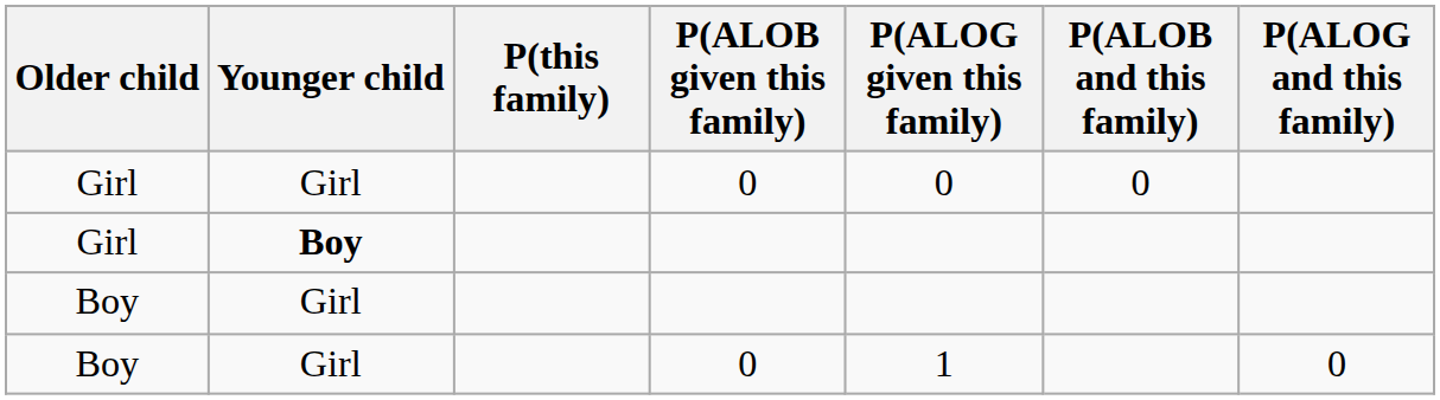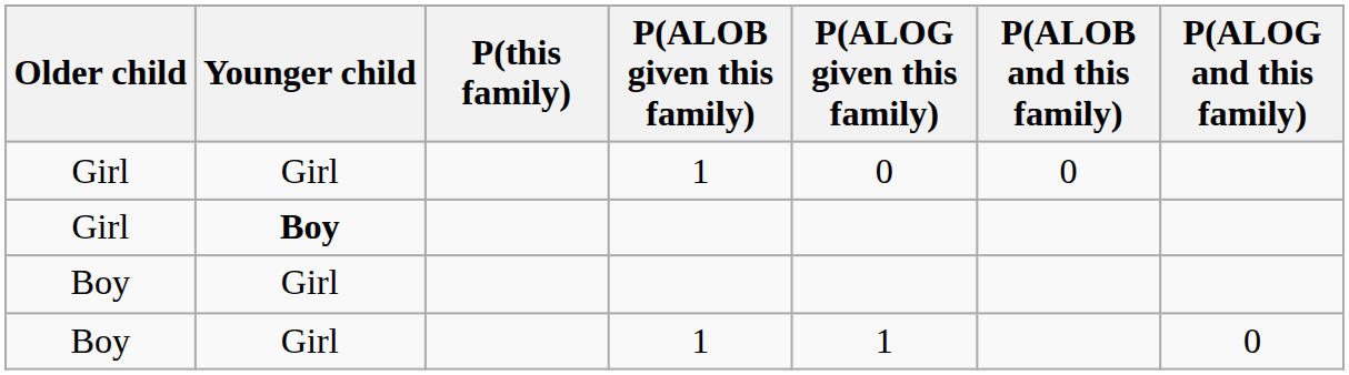 <table class="wikitable" style="text-align:center">
 <tr>
 <th>Older child</th>
 <th>Younger child</th>
 <th style="width: 75px;">P(this family)</th>
 <th style="width: 75px;">P(ALOB given this family)</th>
 <th style="width: 75px;">P(ALOG given this family)</th>
 <th style="width: 75px;">P(ALOB and this family)</th>
 <th style="width: 75px;">P(ALOG and this family)</th>
 </tr>
 <tr>
 <td>Girl</td>
 <td>Girl</td>
 <td></td>
-<td>0</td>
+<td>1</td>
 <td>0</td>
 <td>0</td>
 <td></td>
 </tr>
 <tr>
 <td>Girl</td>
 <td><strong>Boy</strong></td>
 <td></td>
 <td></td>
 <td></td>
 <td></td>
 <td></td>
 </tr>
 <tr>
 <td>Boy</td>
 <td>Girl</td>
 <td></td>
 <td></td>
 <td></td>
 <td></td>
 <td></td>
 </tr>
 <tr>
 <td>Boy</td>
 <td>Girl</td>
 <td></td>
-<td>0</td>
+<td>1</td>
 <td>1</td>
 <td></td>
 <td>0</td>
 </tr>
 </table>
